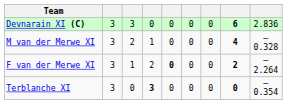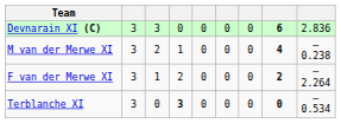 <table class="wikitable" style="text-align:center">
 <tr>
 <th width="150">Team</th>
 <th width="25"></th>
 <th width="25"></th>
 <th width="25"></th>
 <th width="25"></th>
 <th width="25"></th>
 <th width="25"></th>
 <th width="40"></th>
 <th width="45"></th>
 </tr>
 <tr style="background:#cfc">
 <td style="text-align:left"><a href='#'>Devnarain XI</a> <strong>(C)</strong></td>
 <td>3</td>
 <td>3</td>
 <td>0</td>
 <td>0</td>
 <td>0</td>
 <td>0</td>
 <td><strong>6</strong></td>
 <td>2.836</td>
 </tr>
 <tr>
 <td style="text-align:left"><a href='#'>M van der Merwe XI</a></td>
 <td>3</td>
 <td>2</td>
 <td>1</td>
 <td>0</td>
 <td>0</td>
 <td>0</td>
 <td><strong>4</strong></td>
-<td>–0.328</td>
+<td>–0.238</td>
 </tr>
 <tr>
 <td style="text-align:left"><a href='#'>F van der Merwe XI</a></td>
 <td>3</td>
 <td>1</td>
 <td>2</td>
-<td><strong>0</strong></td>
+<td>0</td>
 <td>0</td>
 <td>0</td>
 <td><strong>2</strong></td>
 <td>–2.264</td>
 </tr>
 <tr>
 <td style="text-align:left"><a href='#'>Terblanche XI</a></td>
 <td>3</td>
 <td>0</td>
 <td><strong>3</strong></td>
 <td>0</td>
 <td>0</td>
 <td>0</td>
 <td><strong>0</strong></td>
-<td>–0.354</td>
+<td>–0.534</td>
 </tr>
 </table>
